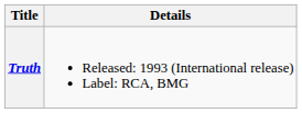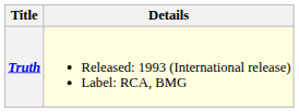 <table class="wikitable plainrowheaders" style="text-align:center;">
 <tr>
 <th>Title</th>
 <th>Details</th>
 </tr>
 <tr>
 <th scope="row"><em><a href='#'>Truth</a></em></th>
-<td align="left"><br><ul><li>Released: 1993 (International release)</li><li>Label: RCA, BMG</li></ul></td>
+<td align="left" style="background: lightyellow;"><br><ul><li>Released: 1993 (International release)</li><li>Label: RCA, BMG</li></ul></td>
 </tr>
 </table>
